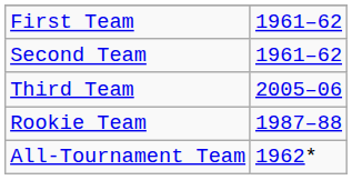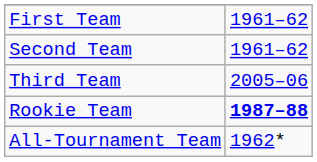 <table class="wikitable">
 <tr>
 </tr>
 <tr>
 <td><a href='#'>First Team</a></td>
 <td><a href='#'>1961–62</a></td>
 </tr>
 <tr>
 <td><a href='#'>Second Team</a></td>
 <td><a href='#'>1961–62</a></td>
 </tr>
 <tr>
 <td><a href='#'>Third Team</a></td>
 <td><a href='#'>2005–06</a></td>
 </tr>
 <tr>
 <td><a href='#'>Rookie Team</a></td>
-<td><a href='#'>1987–88</a></td>
+<td><strong><a href='#'>1987–88</a></strong></td>
 </tr>
 <tr>
 <td><a href='#'>All-Tournament Team</a></td>
 <td><a href='#'>1962</a>*</td>
 </tr>
 </table>
